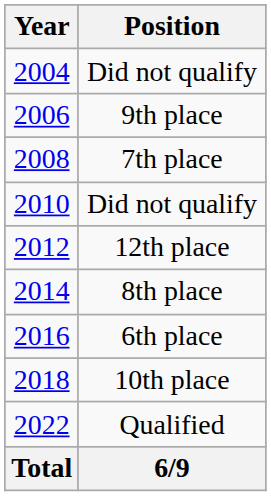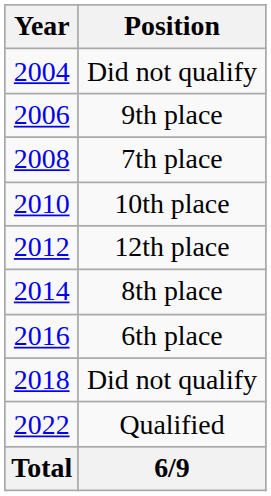 <table class="wikitable" style="text-align: center;">
 <tr>
 <th>Year</th>
 <th width="100">Position</th>
 </tr>
 <tr>
 <td> <a href='#'>2004</a></td>
 <td>Did not qualify</td>
 </tr>
 <tr>
 <td> <a href='#'>2006</a></td>
 <td>9th place</td>
 </tr>
 <tr>
 <td> <a href='#'>2008</a></td>
 <td>7th place</td>
 </tr>
 <tr>
 <td> <a href='#'>2010</a></td>
-<td>Did not qualify</td>
+<td>10th place</td>
 </tr>
 <tr>
 <td> <a href='#'>2012</a></td>
 <td>12th place</td>
 </tr>
 <tr>
 <td> <a href='#'>2014</a></td>
 <td>8th place</td>
 </tr>
 <tr>
 <td> <a href='#'>2016</a></td>
 <td>6th place</td>
 </tr>
 <tr>
 <td> <a href='#'>2018</a></td>
-<td>10th place</td>
+<td>Did not qualify</td>
 </tr>
 <tr>
 <td> <a href='#'>2022</a></td>
 <td>Qualified</td>
 </tr>
 <tr>
 <th>Total</th>
 <th>6/9</th>
 </tr>
 </table>
